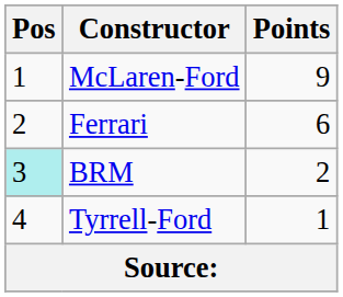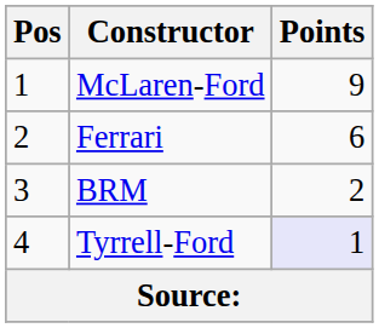 <table class="wikitable" style="font-size: 95%;">
 <tr>
 <th>Pos</th>
 <th>Constructor</th>
 <th>Points</th>
 </tr>
 <tr>
 <td>1</td>
 <td> <a href='#'>McLaren</a>-<a href='#'>Ford</a></td>
 <td style="text-align:right;">9</td>
 </tr>
 <tr>
 <td>2</td>
 <td> <a href='#'>Ferrari</a></td>
 <td style="text-align:right;">6</td>
 </tr>
 <tr>
-<td style="background: paleturquoise;">3</td>
+<td>3</td>
 <td> <a href='#'>BRM</a></td>
 <td style="text-align:right;">2</td>
 </tr>
 <tr>
 <td>4</td>
 <td> <a href='#'>Tyrrell</a>-<a href='#'>Ford</a></td>
-<td style="text-align:right;">1</td>
+<td style="background: lavender; text-align:right;">1</td>
 </tr>
 <tr>
 <th colspan=3>Source:</th>
 </tr>
 </table>
